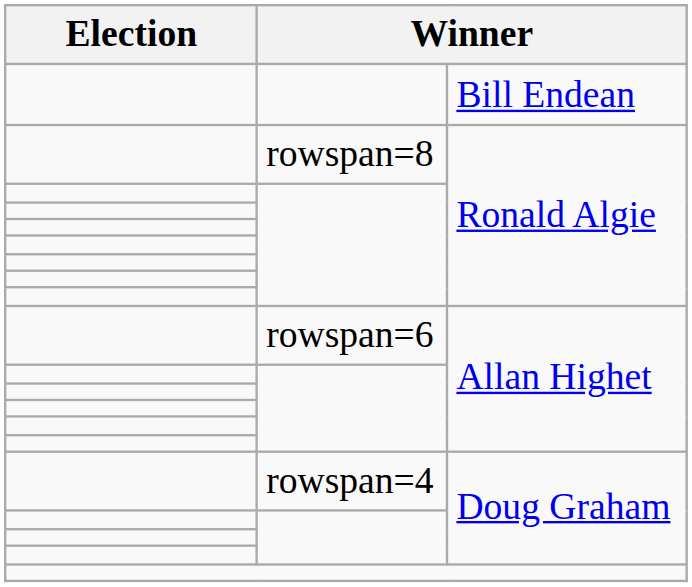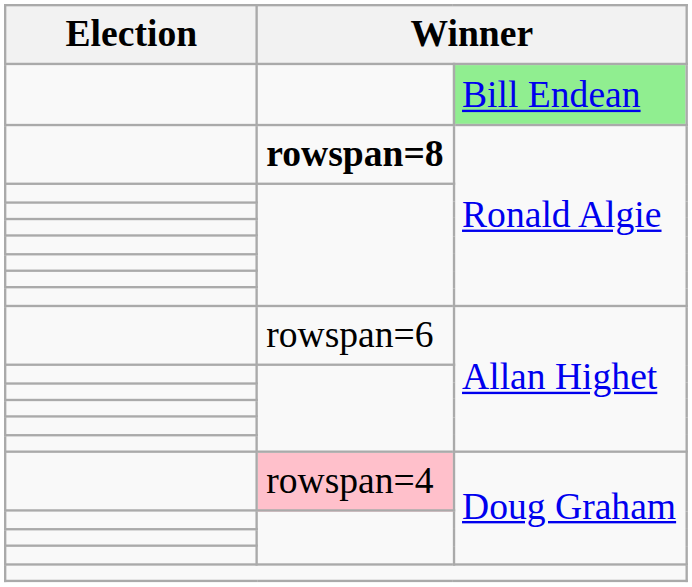 <table class=wikitable>
 <tr>
 <th width=100>Election</th>
 <th width=175 colspan=2>Winner</th>
 </tr>
 <tr>
 <td></td>
 <td></td>
-<td><a href='#'>Bill Endean</a></td>
+<td style="background: lightgreen;"><a href='#'>Bill Endean</a></td>
 </tr>
 <tr>
 <td></td>
-<td>rowspan=8 </td>
+<td><strong>rowspan=8 </strong></td>
 <td rowspan=8><a href='#'>Ronald Algie</a></td>
 </tr>
 <tr>
 <td></td>
 </tr>
 <tr>
 <td></td>
 </tr>
 <tr>
 <td></td>
 </tr>
 <tr>
 <td></td>
 </tr>
 <tr>
 <td></td>
 </tr>
 <tr>
 <td></td>
 </tr>
 <tr>
 <td></td>
 </tr>
 <tr>
 <td></td>
 <td>rowspan=6 </td>
 <td rowspan=6><a href='#'>Allan Highet</a></td>
 </tr>
 <tr>
 <td></td>
 </tr>
 <tr>
 <td></td>
 </tr>
 <tr>
 <td></td>
 </tr>
 <tr>
 <td></td>
 </tr>
 <tr>
 <td></td>
 </tr>
 <tr>
 <td></td>
-<td>rowspan=4 </td>
+<td style="background: pink;">rowspan=4 </td>
 <td rowspan=4><a href='#'>Doug Graham</a></td>
 </tr>
 <tr>
 <td></td>
 </tr>
 <tr>
 <td></td>
 </tr>
 <tr>
 <td></td>
 </tr>
 <tr>
 <td colspan=3 align=center></td>
 </tr>
 </table>
